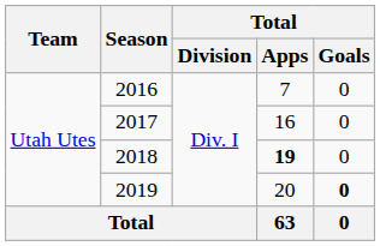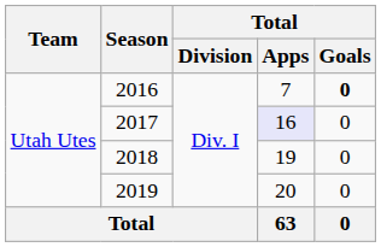 <table class="wikitable" style="text-align: center;">
 <tr>
 <th rowspan="2">Team</th>
 <th rowspan="2">Season</th>
 <th colspan="3">Total</th>
 </tr>
 <tr>
 <th>Division</th>
 <th>Apps</th>
 <th>Goals</th>
 </tr>
 <tr>
 <td rowspan="4"><a href='#'>Utah Utes</a></td>
 <td>2016</td>
 <td rowspan="4"><a href='#'>Div. I</a></td>
 <td>7</td>
-<td>0</td>
+<td><strong>0</strong></td>
 </tr>
 <tr>
 <td>2017</td>
-<td>16</td>
+<td style="background: lavender;">16</td>
 <td>0</td>
 </tr>
 <tr>
 <td>2018</td>
-<td><strong>19</strong></td>
+<td>19</td>
 <td>0</td>
 </tr>
 <tr>
 <td>2019</td>
 <td>20</td>
-<td><strong>0</strong></td>
+<td>0</td>
 </tr>
 <tr>
 <th colspan="3">Total</th>
 <th>63</th>
 <th>0</th>
 </tr>
 </table>
